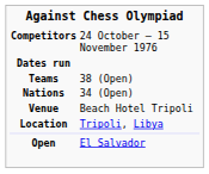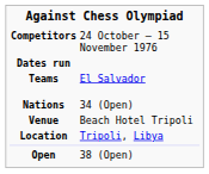 <table class="infobox vevent" style="width:20em; font-size:90%;" cellspacing="2">
 <tr>
 <th colspan="2" style="font-size:larger; text-align:center" class="summary">Against Chess Olympiad</th>
 </tr>
 <tr>
 <td style="text-align:center;" colspan="2"></td>
 </tr>
 <tr>
 <th>Competitors</th>
 <td>24 October – 15 November 1976</td>
 </tr>
 <tr>
 <th>Dates run</th>
 <td></td>
 </tr>
 <tr>
 <th>Teams</th>
-<td>38 (Open)</td>
+<td>  <a href='#'>El Salvador</a><br> <br> </td>
 </tr>
 <tr>
 <th>Nations</th>
 <td>34 (Open)<br></td>
 </tr>
 <tr>
 <th>Venue</th>
 <td>Beach Hotel Tripoli</td>
 </tr>
 <tr>
 <th>Location</th>
 <td><a href='#'>Tripoli</a>, <a href='#'>Libya</a></td>
 </tr>
 <tr>
 <th colspan="2" style="background:lavender"></th>
 </tr>
 <tr>
 <th>Open</th>
-<td>  <a href='#'>El Salvador</a><br> <br> </td>
+<td>38 (Open)</td>
 </tr>
 <tr>
 </tr>
 </table>
